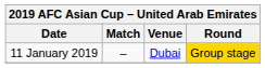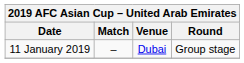 <table class="wikitable" style="margin:1em auto 1em auto; text-align:center; font-size:small;">
 <tr>
 <th colspan="4">2019 AFC Asian Cup – United Arab Emirates</th>
 </tr>
 <tr>
 <th>Date</th>
 <th>Match</th>
 <th>Venue</th>
 <th>Round</th>
 </tr>
 <tr>
 <td>11 January 2019</td>
 <td> – </td>
 <td><a href='#'>Dubai</a></td>
-<td style="background: gold;">Group stage</td>
+<td>Group stage</td>
 </tr>
 <tr>
 </tr>
 </table>
